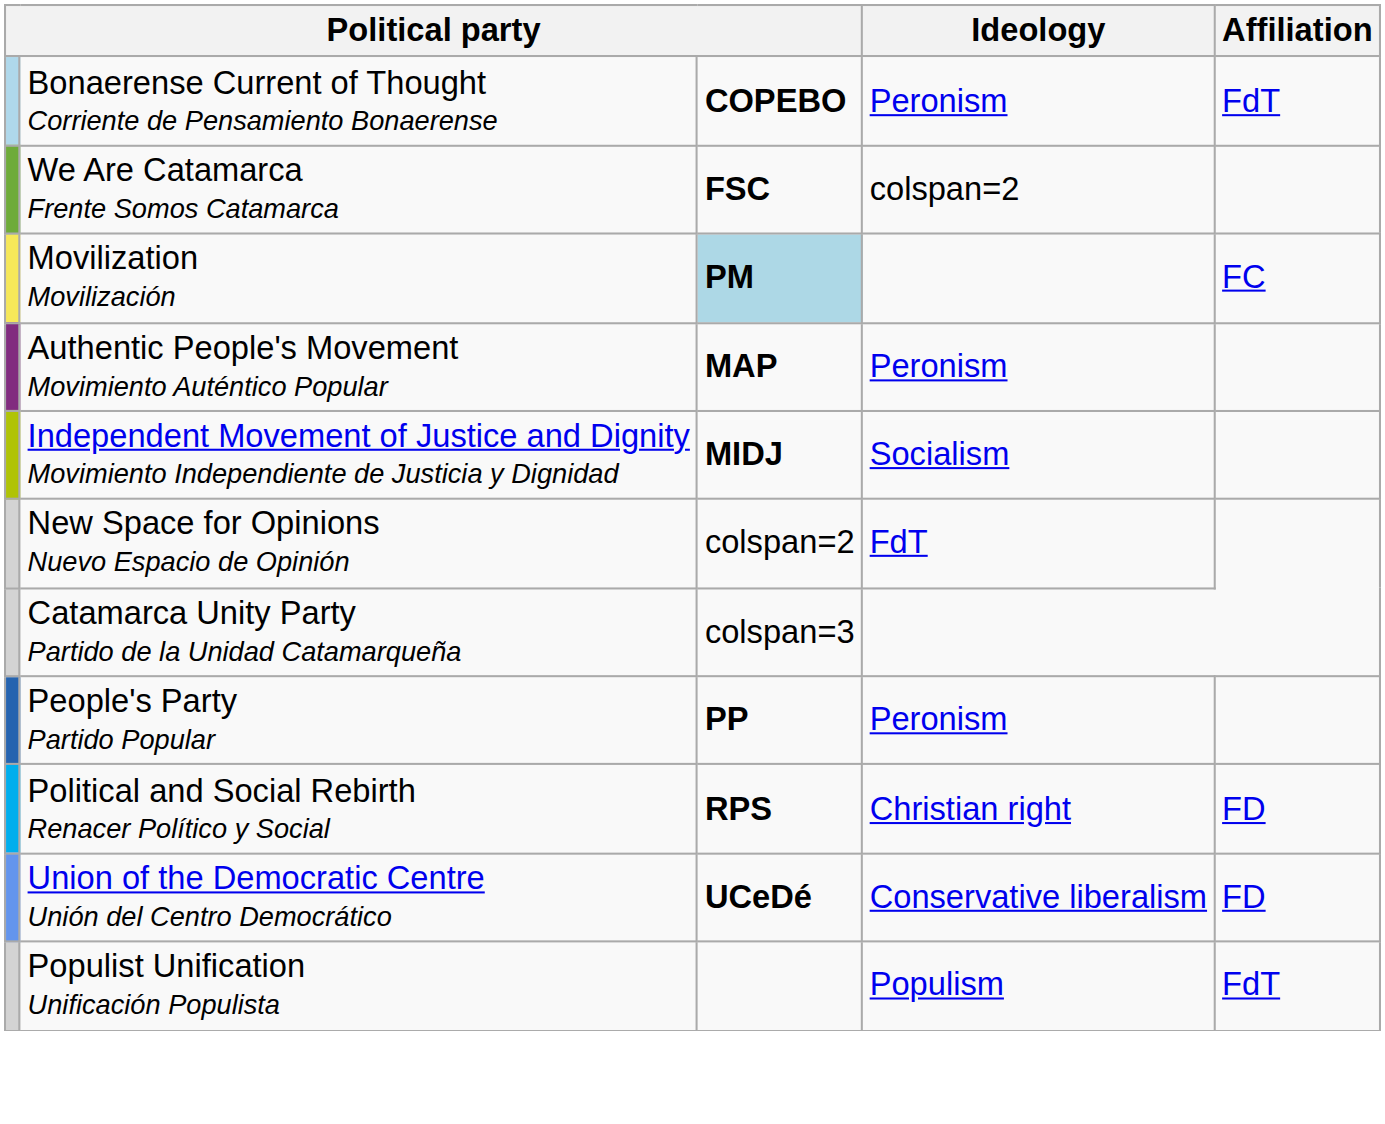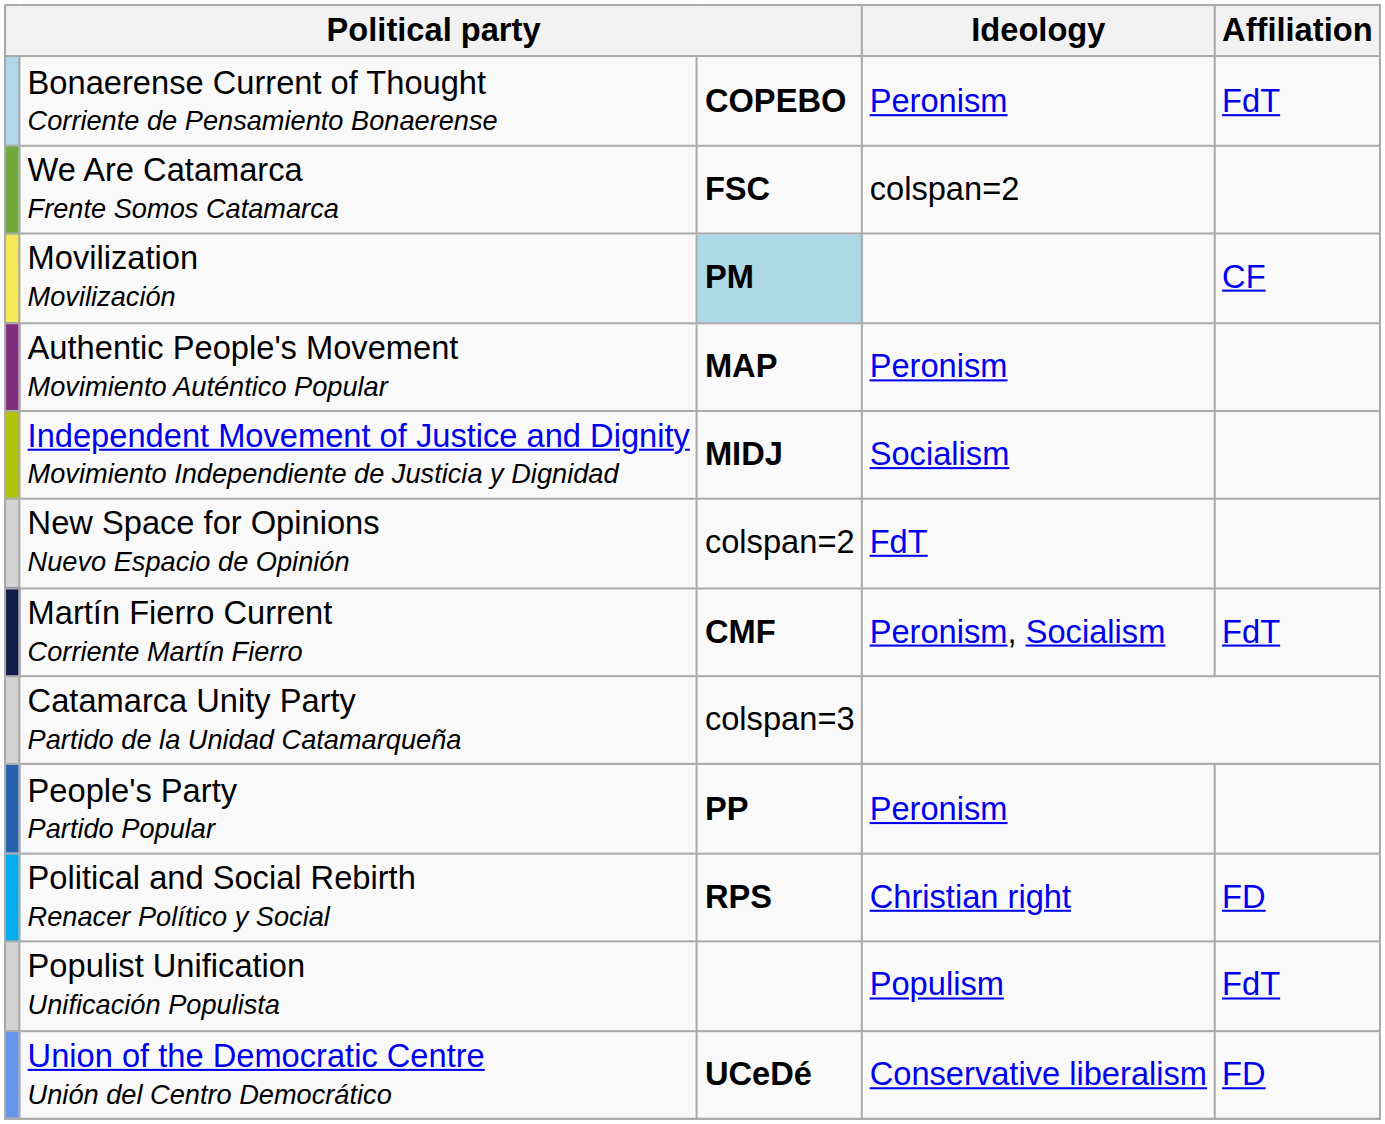 <table class="wikitable">
 <tr>
 <th colspan=3>Political party</th>
 <th>Ideology</th>
 <th>Affiliation</th>
 </tr>
 <tr>
 <th style="background:#afd8eb;"></th>
 <td>Bonaerense Current of Thought<br><small><em>Corriente de Pensamiento Bonaerense</em></small></td>
 <td><strong>COPEBO</strong></td>
 <td><a href='#'>Peronism</a></td>
 <td><a href='#'>FdT</a></td>
 </tr>
 <tr>
 <th style="background:#6eab3a;"></th>
 <td>We Are Catamarca<br><small><em>Frente Somos Catamarca</em></small></td>
 <td><strong>FSC</strong></td>
 <td>colspan=2 </td>
 </tr>
 <tr>
 <th style="background:#f6e859;"></th>
 <td>Movilization<br><small><em>Movilización</em></small></td>
 <td style="background: lightblue;"><strong>PM</strong></td>
 <td></td>
-<td><a href='#'>FC</a></td>
+<td><a href='#'>CF</a></td>
 </tr>
 <tr>
 <th style="background:#812c7f;"></th>
 <td>Authentic People's Movement<br><small><em>Movimiento Auténtico Popular</em></small></td>
 <td><strong>MAP</strong></td>
 <td><a href='#'>Peronism</a></td>
 <td></td>
 </tr>
 <tr>
 <th style="background:#b0c306;"></th>
 <td><a href='#'>Independent Movement of Justice and Dignity</a><br><small><em>Movimiento Independiente de Justicia y Dignidad</em></small></td>
 <td><strong>MIDJ</strong></td>
 <td><a href='#'>Socialism</a></td>
 <td></td>
 </tr>
 <tr>
 <th style="background:#D3D3D3;"></th>
 <td>New Space for Opinions<br><small><em>Nuevo Espacio de Opinión</em></small></td>
 <td>colspan=2 </td>
 <td><a href='#'>FdT</a></td>
 </tr>
 <tr>
+<th style="background:#101d49;"></th>
+<td>Martín Fierro Current<br><small><em>Corriente Martín Fierro</em></small></td>
+<td><strong>CMF</strong></td>
+<td><a href='#'>Peronism</a>, <a href='#'>Socialism</a></td>
+<td><a href='#'>FdT</a></td>
+</tr>
+<tr>
 <th style="background:#D3D3D3;"></th>
 <td>Catamarca Unity Party<br><small><em>Partido de la Unidad Catamarqueña</em></small></td>
 <td>colspan=3 </td>
 </tr>
 <tr>
 <th style="background:#2563af;"></th>
 <td>People's Party<br><small><em>Partido Popular</em></small></td>
 <td><strong>PP</strong></td>
 <td><a href='#'>Peronism</a></td>
 <td></td>
 </tr>
 <tr>
 <th style="background:#00aeed;"></th>
 <td>Political and Social Rebirth<br><small><em>Renacer Político y Social</em></small></td>
 <td><strong>RPS</strong></td>
 <td><a href='#'>Christian right</a></td>
 <td><a href='#'>FD</a></td>
 </tr>
 <tr>
+<th style="background:#D3D3D3;"></th>
+<td>Populist Unification<br><small><em>Unificación Populista</em></small></td>
+<td></td>
+<td><a href='#'>Populism</a></td>
+<td><a href='#'>FdT</a></td>
+</tr>
+<tr>
 <th style="background:#6495ED;"></th>
 <td><a href='#'>Union of the Democratic Centre</a><br><small><em>Unión del Centro Democrático</em></small></td>
 <td><strong>UCeDé</strong></td>
 <td><a href='#'>Conservative liberalism</a></td>
 <td><a href='#'>FD</a></td>
 </tr>
 <tr>
-<th style="background:#D3D3D3;"></th>
-<td>Populist Unification<br><small><em>Unificación Populista</em></small></td>
-<td></td>
-<td><a href='#'>Populism</a></td>
-<td><a href='#'>FdT</a></td>
-</tr>
-<tr>
 </tr>
 </table>
